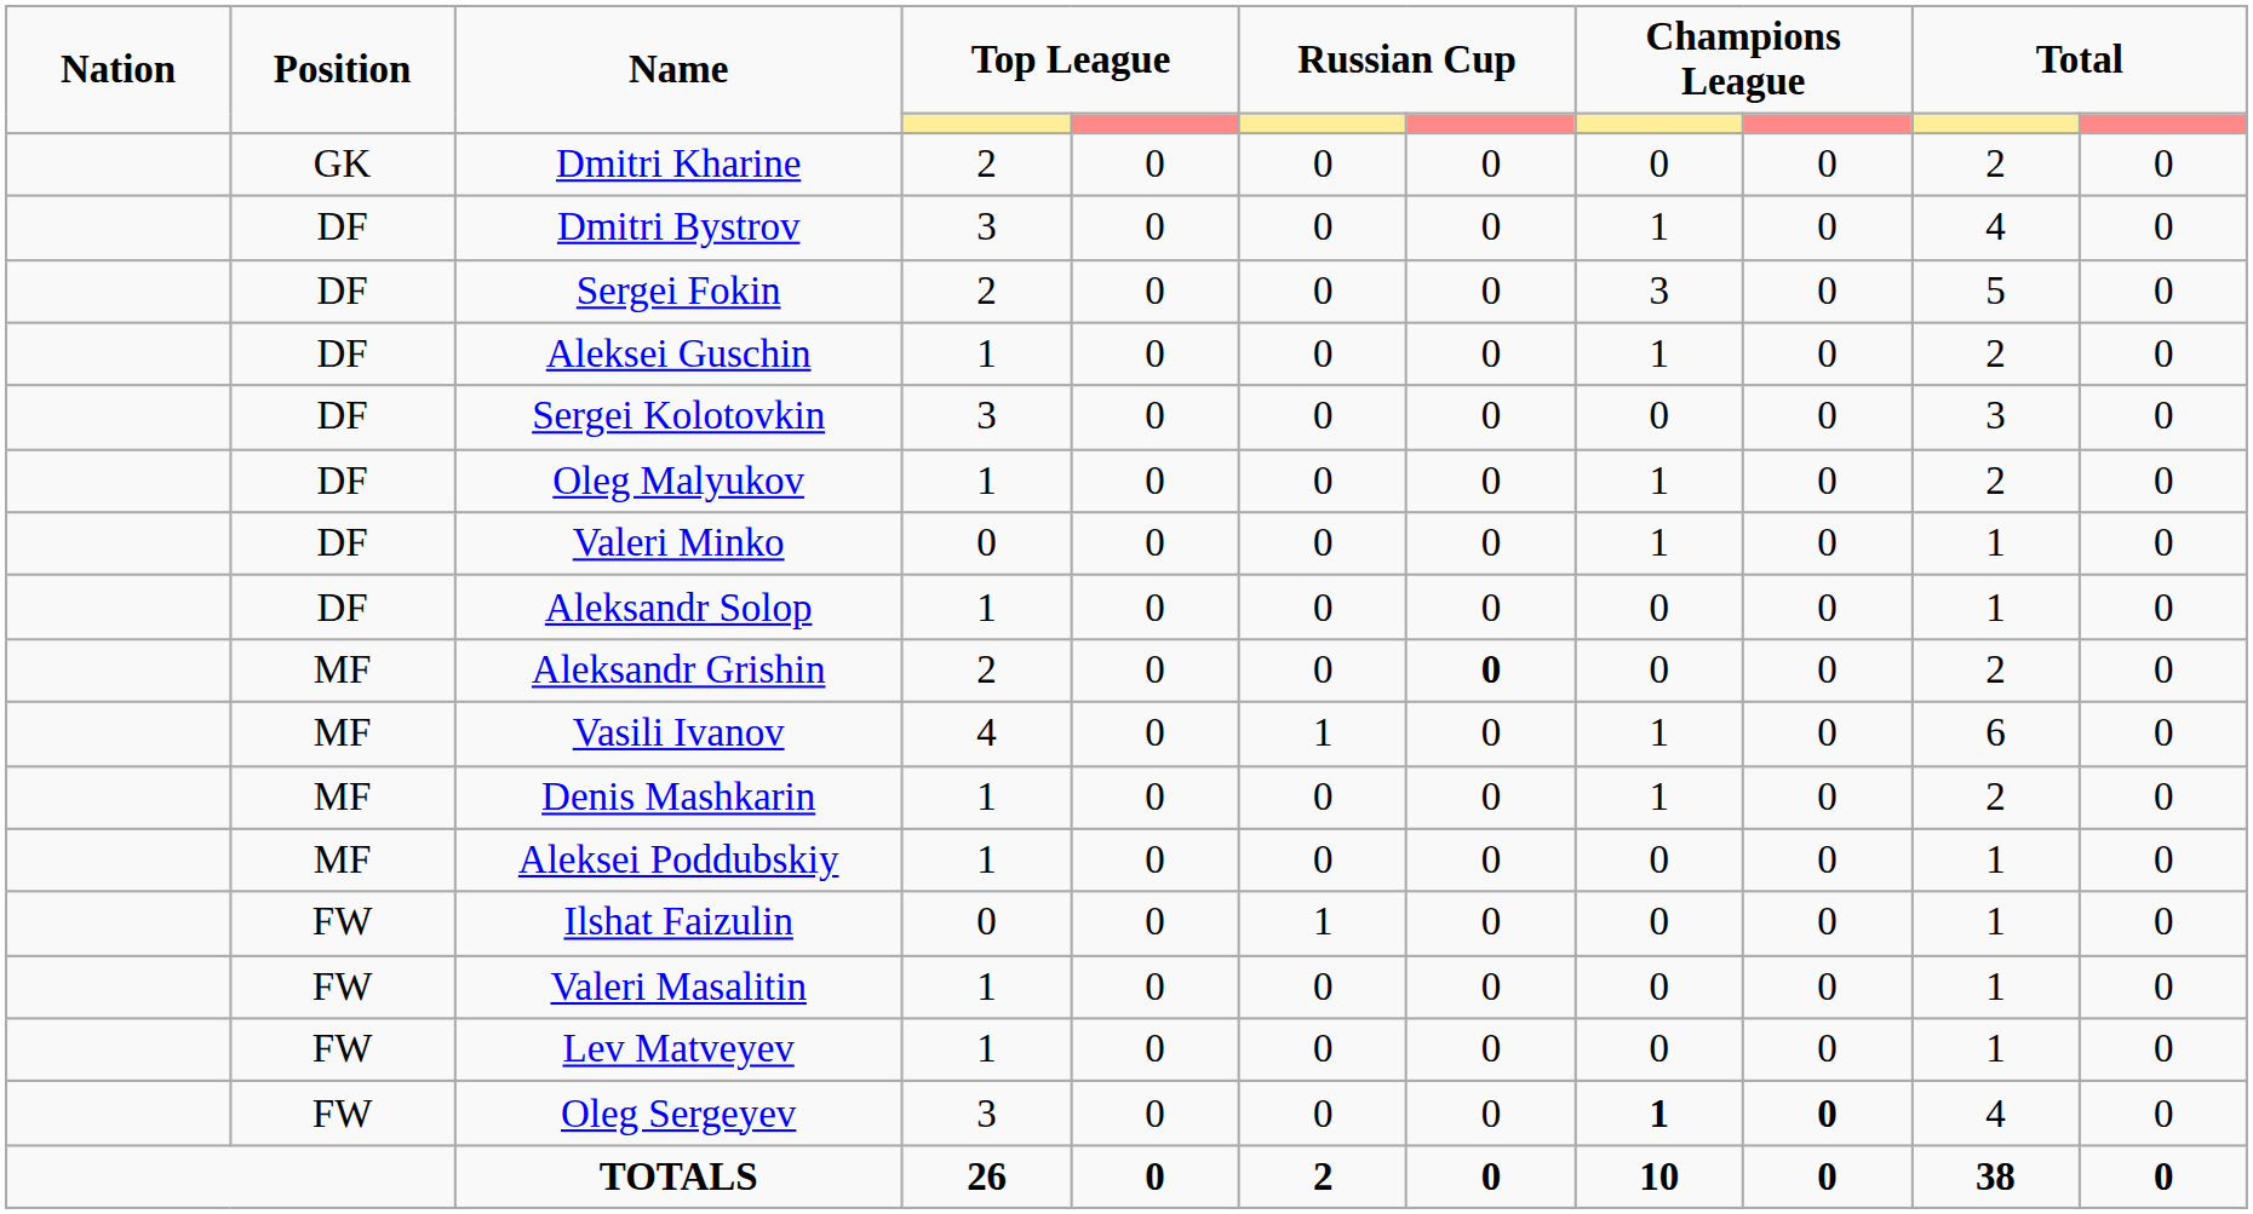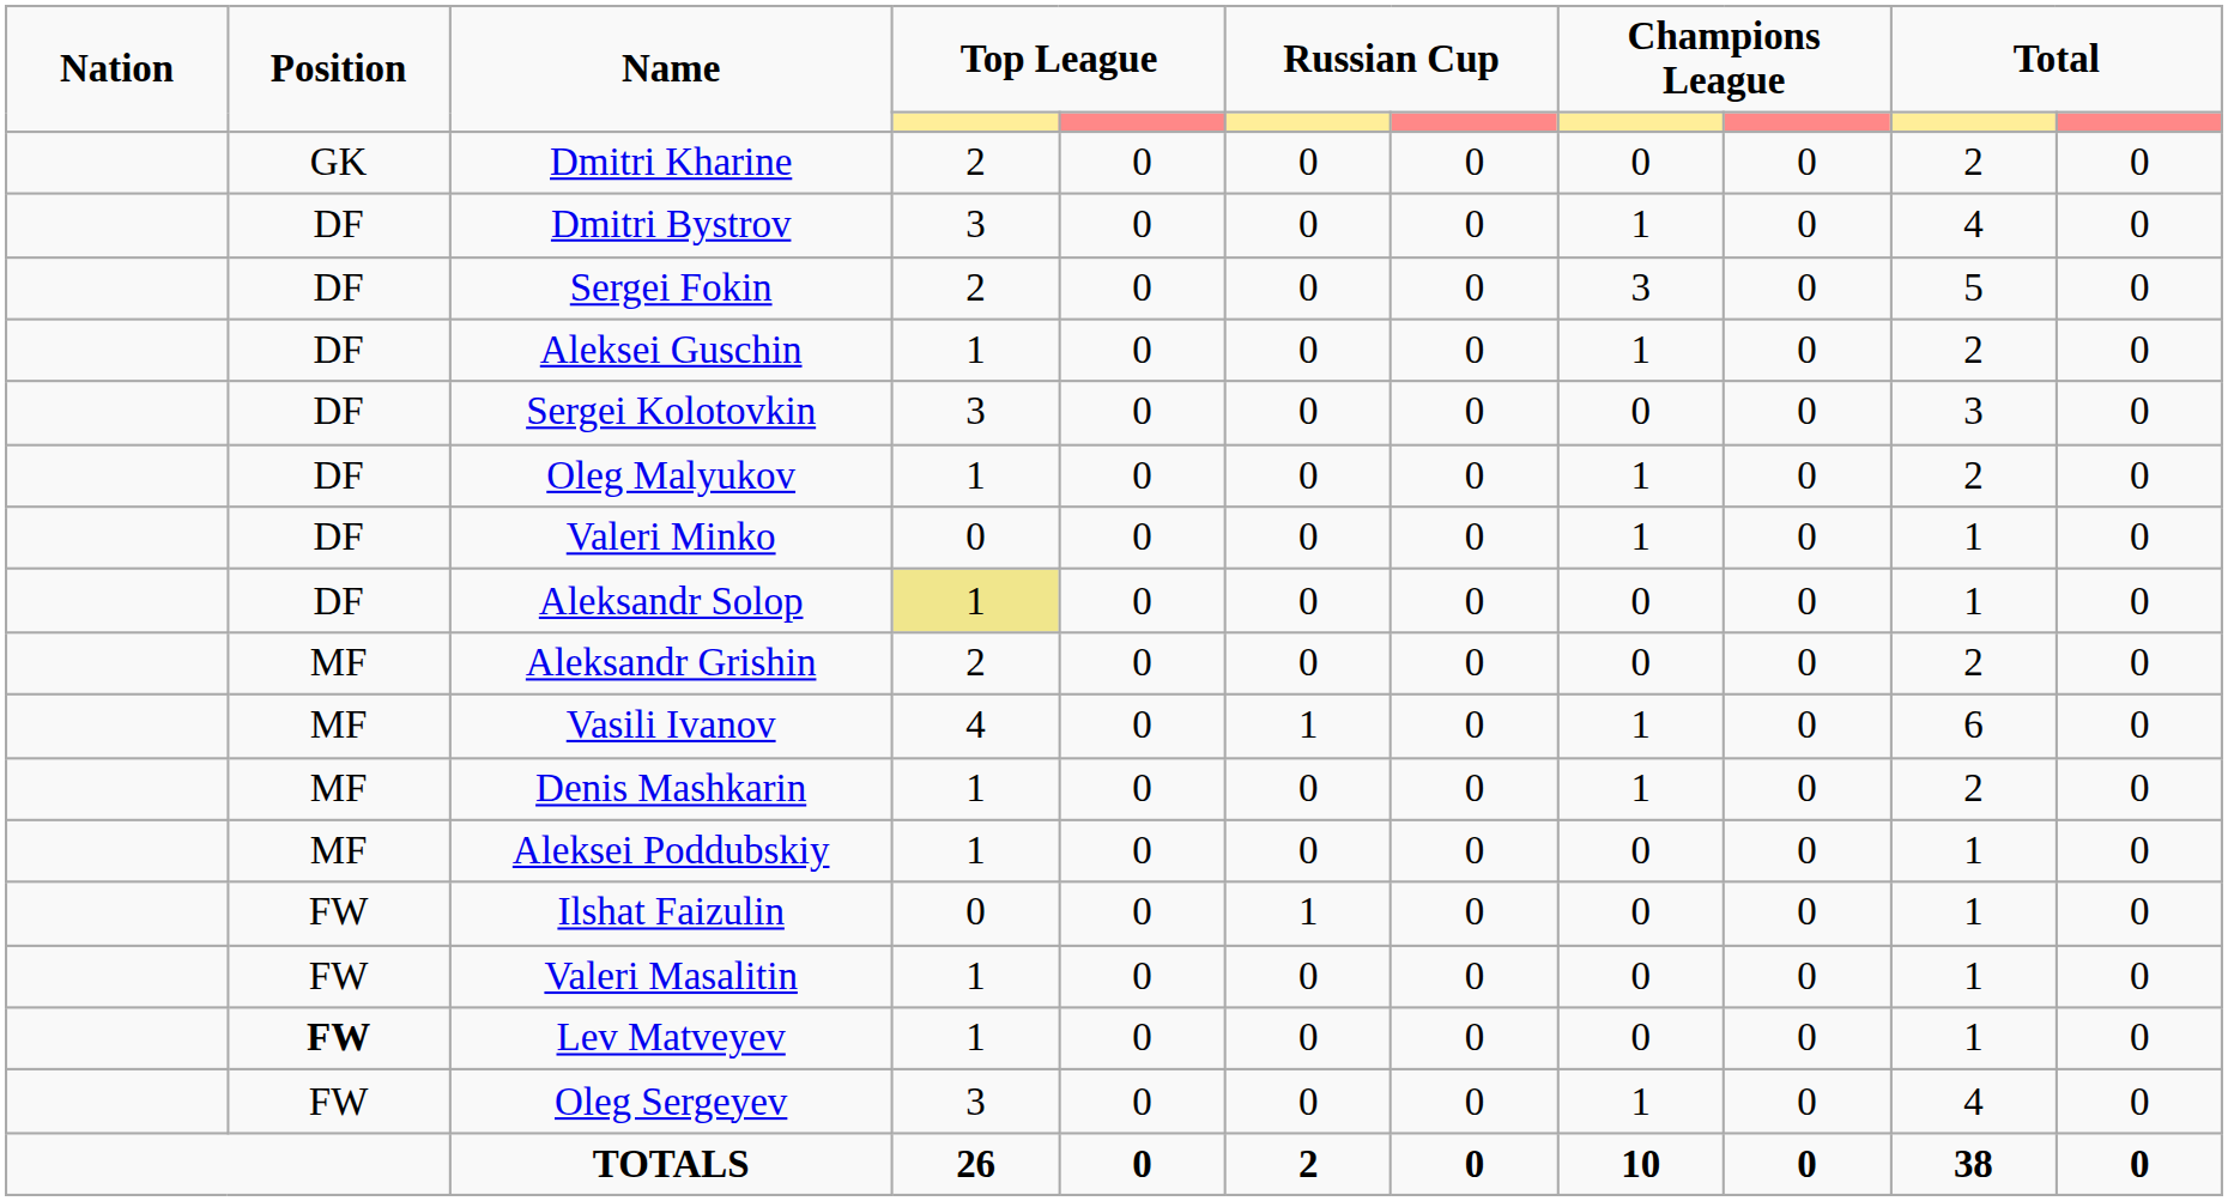 <table class="wikitable" style="font-size: 100%; text-align: center;">
 <tr>
 <td rowspan="2" width="10%" align="center"><strong>Nation</strong></td>
 <td rowspan="2" width="10%" align="center"><strong>Position</strong></td>
 <td rowspan="2" width="20%" align="center"><strong>Name</strong></td>
 <td colspan="2" align="center"><strong>Top League</strong></td>
 <td colspan="2" align="center"><strong>Russian Cup</strong></td>
 <td colspan="2" align="center"><strong>Champions League</strong></td>
 <td colspan="2" align="center"><strong>Total</strong></td>
 </tr>
 <tr>
 <th width=60 style="background: #FFEE99"></th>
 <th width=60 style="background: #FF8888"></th>
 <th width=60 style="background: #FFEE99"></th>
 <th width=60 style="background: #FF8888"></th>
 <th width=60 style="background: #FFEE99"></th>
 <th width=60 style="background: #FF8888"></th>
 <th width=60 style="background: #FFEE99"></th>
 <th width=60 style="background: #FF8888"></th>
 </tr>
 <tr>
 <td></td>
 <td>GK</td>
 <td><a href='#'>Dmitri Kharine</a></td>
 <td>2</td>
 <td>0</td>
 <td>0</td>
 <td>0</td>
 <td>0</td>
 <td>0</td>
 <td>2</td>
 <td>0</td>
 </tr>
 <tr>
 <td></td>
 <td>DF</td>
 <td><a href='#'>Dmitri Bystrov</a></td>
 <td>3</td>
 <td>0</td>
 <td>0</td>
 <td>0</td>
 <td>1</td>
 <td>0</td>
 <td>4</td>
 <td>0</td>
 </tr>
 <tr>
 <td></td>
 <td>DF</td>
 <td><a href='#'>Sergei Fokin</a></td>
 <td>2</td>
 <td>0</td>
 <td>0</td>
 <td>0</td>
 <td>3</td>
 <td>0</td>
 <td>5</td>
 <td>0</td>
 </tr>
 <tr>
 <td></td>
 <td>DF</td>
 <td><a href='#'>Aleksei Guschin</a></td>
 <td>1</td>
 <td>0</td>
 <td>0</td>
 <td>0</td>
 <td>1</td>
 <td>0</td>
 <td>2</td>
 <td>0</td>
 </tr>
 <tr>
 <td></td>
 <td>DF</td>
 <td><a href='#'>Sergei Kolotovkin</a></td>
 <td>3</td>
 <td>0</td>
 <td>0</td>
 <td>0</td>
 <td>0</td>
 <td>0</td>
 <td>3</td>
 <td>0</td>
 </tr>
 <tr>
 <td></td>
 <td>DF</td>
 <td><a href='#'>Oleg Malyukov</a></td>
 <td>1</td>
 <td>0</td>
 <td>0</td>
 <td>0</td>
 <td>1</td>
 <td>0</td>
 <td>2</td>
 <td>0</td>
 </tr>
 <tr>
 <td></td>
 <td>DF</td>
 <td><a href='#'>Valeri Minko</a></td>
 <td>0</td>
 <td>0</td>
 <td>0</td>
 <td>0</td>
 <td>1</td>
 <td>0</td>
 <td>1</td>
 <td>0</td>
 </tr>
 <tr>
 <td></td>
 <td>DF</td>
 <td><a href='#'>Aleksandr Solop</a></td>
-<td>1</td>
+<td style="background: khaki;">1</td>
 <td>0</td>
 <td>0</td>
 <td>0</td>
 <td>0</td>
 <td>0</td>
 <td>1</td>
 <td>0</td>
 </tr>
 <tr>
 <td></td>
 <td>MF</td>
 <td><a href='#'>Aleksandr Grishin</a></td>
 <td>2</td>
 <td>0</td>
 <td>0</td>
-<td><strong>0</strong></td>
+<td>0</td>
 <td>0</td>
 <td>0</td>
 <td>2</td>
 <td>0</td>
 </tr>
 <tr>
 <td></td>
 <td>MF</td>
 <td><a href='#'>Vasili Ivanov</a></td>
 <td>4</td>
 <td>0</td>
 <td>1</td>
 <td>0</td>
 <td>1</td>
 <td>0</td>
 <td>6</td>
 <td>0</td>
 </tr>
 <tr>
 <td></td>
 <td>MF</td>
 <td><a href='#'>Denis Mashkarin</a></td>
 <td>1</td>
 <td>0</td>
 <td>0</td>
 <td>0</td>
 <td>1</td>
 <td>0</td>
 <td>2</td>
 <td>0</td>
 </tr>
 <tr>
 <td></td>
 <td>MF</td>
 <td><a href='#'>Aleksei Poddubskiy</a></td>
 <td>1</td>
 <td>0</td>
 <td>0</td>
 <td>0</td>
 <td>0</td>
 <td>0</td>
 <td>1</td>
 <td>0</td>
 </tr>
 <tr>
 <td></td>
 <td>FW</td>
 <td><a href='#'>Ilshat Faizulin</a></td>
 <td>0</td>
 <td>0</td>
 <td>1</td>
 <td>0</td>
 <td>0</td>
 <td>0</td>
 <td>1</td>
 <td>0</td>
 </tr>
 <tr>
 <td></td>
 <td>FW</td>
 <td><a href='#'>Valeri Masalitin</a></td>
 <td>1</td>
 <td>0</td>
 <td>0</td>
 <td>0</td>
 <td>0</td>
 <td>0</td>
 <td>1</td>
 <td>0</td>
 </tr>
 <tr>
 <td></td>
-<td>FW</td>
+<td><strong>FW</strong></td>
 <td><a href='#'>Lev Matveyev</a></td>
 <td>1</td>
 <td>0</td>
 <td>0</td>
 <td>0</td>
 <td>0</td>
 <td>0</td>
 <td>1</td>
 <td>0</td>
 </tr>
 <tr>
 <td></td>
 <td>FW</td>
 <td><a href='#'>Oleg Sergeyev</a></td>
 <td>3</td>
 <td>0</td>
 <td>0</td>
 <td>0</td>
-<td><strong>1</strong></td>
-<td><strong>0</strong></td>
+<td>1</td>
+<td>0</td>
 <td>4</td>
 <td>0</td>
 </tr>
 <tr>
 <td colspan="2"></td>
 <td><strong>TOTALS</strong></td>
 <td><strong>26</strong></td>
 <td><strong>0</strong></td>
 <td><strong>2</strong></td>
 <td><strong>0</strong></td>
 <td><strong>10</strong></td>
 <td><strong>0</strong></td>
 <td><strong>38</strong></td>
 <td><strong>0</strong></td>
 </tr>
 </table>
